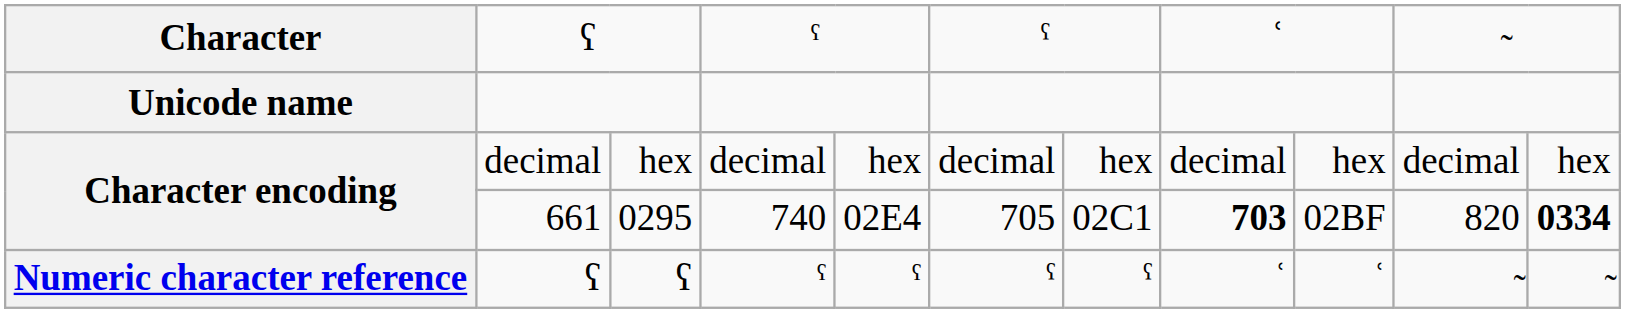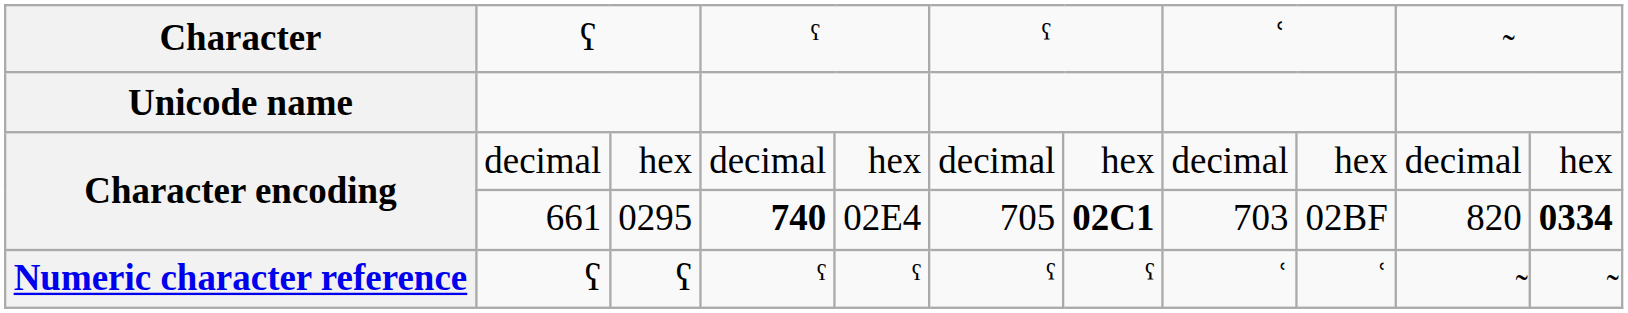 <table class=wikitable style=text-align:right>
 <tr align=center>
 <th>Character</th>
 <td colspan=2>ʕ</td>
 <td colspan=2>ˤ</td>
 <td colspan=2>ˁ</td>
 <td colspan=2><big>ʿ</big></td>
 <td colspan=2>̴</td>
 </tr>
 <tr align=center>
 <th>Unicode name</th>
 <td colspan=2></td>
 <td colspan=2></td>
 <td colspan=2></td>
 <td colspan=2></td>
 <td colspan=2></td>
 </tr>
 <tr>
 <th rowspan=2>Character encoding</th>
 <td>decimal</td>
 <td>hex</td>
 <td>decimal</td>
 <td>hex</td>
 <td>decimal</td>
 <td>hex</td>
 <td>decimal</td>
 <td>hex</td>
 <td>decimal</td>
 <td>hex</td>
 </tr>
 <tr>
 <td>661</td>
 <td>0295</td>
-<td>740</td>
+<td><strong>740</strong></td>
 <td>02E4</td>
 <td>705</td>
-<td>02C1</td>
-<td><strong>703</strong></td>
+<td><strong>02C1</strong></td>
+<td>703</td>
 <td>02BF</td>
 <td>820</td>
 <td><strong>0334</strong></td>
 </tr>
 <tr>
 <th><a href='#'>Numeric character reference</a></th>
 <td>&#661;</td>
 <td>&#x0295;</td>
 <td>&#740;</td>
 <td>&#x02E4;</td>
 <td>&#705;</td>
 <td>&#x02C1;</td>
 <td>&#703;</td>
 <td>&#x02BF;</td>
 <td>&#820;</td>
 <td>&#x0334;</td>
 </tr>
 </table>
